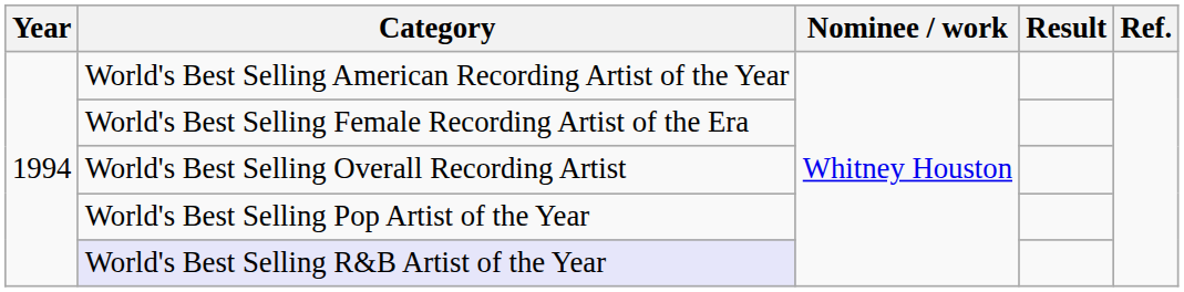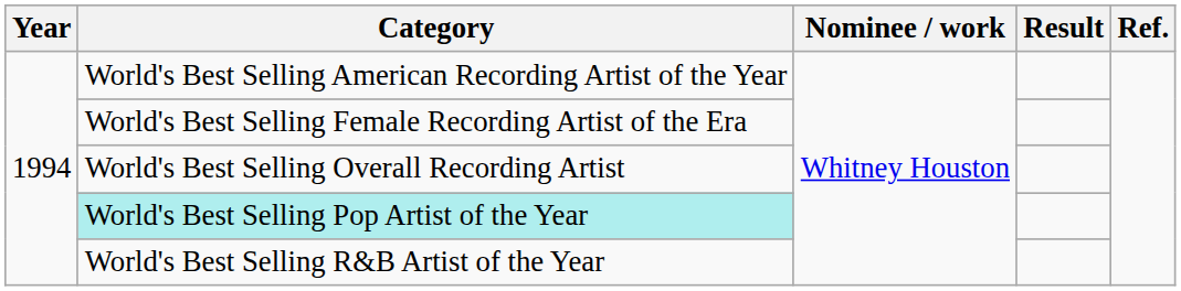 <table class="wikitable">
 <tr>
 <th>Year</th>
 <th>Category</th>
 <th>Nominee / work</th>
 <th>Result</th>
 <th>Ref.</th>
 </tr>
 <tr>
 <td rowspan="5">1994</td>
 <td>World's Best Selling American Recording Artist of the Year</td>
 <td rowspan="5"><a href='#'>Whitney Houston</a></td>
 <td></td>
 <td rowspan="5" align="center"></td>
 </tr>
 <tr>
 <td>World's Best Selling Female Recording Artist of the Era</td>
 <td></td>
 </tr>
 <tr>
 <td>World's Best Selling Overall Recording Artist</td>
 <td></td>
 </tr>
 <tr>
-<td>World's Best Selling Pop Artist of the Year</td>
+<td style="background: paleturquoise;">World's Best Selling Pop Artist of the Year</td>
 <td></td>
 </tr>
 <tr>
-<td style="background: lavender;">World's Best Selling R&B Artist of the Year</td>
+<td>World's Best Selling R&B Artist of the Year</td>
 <td></td>
 </tr>
 </table>
